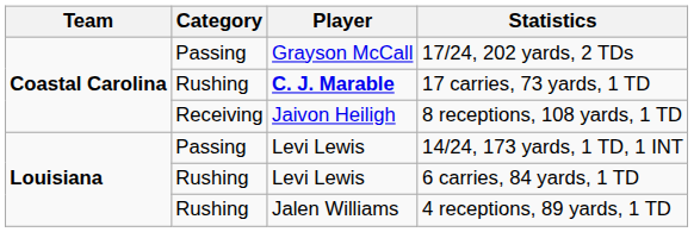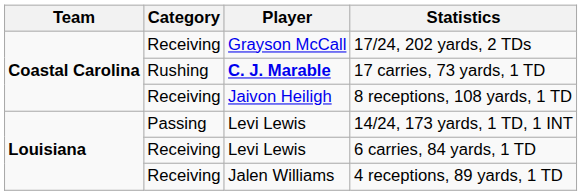 <table class="wikitable" style="float: left;">
 <tr>
 <th>Team</th>
 <th>Category</th>
 <th>Player</th>
 <th>Statistics</th>
 </tr>
 <tr>
 <td rowspan=3><strong>Coastal Carolina</strong></td>
-<td>Passing</td>
+<td>Receiving</td>
 <td><a href='#'>Grayson McCall</a></td>
 <td>17/24, 202 yards, 2 TDs</td>
 </tr>
 <tr>
 <td>Rushing</td>
 <td><strong><a href='#'>C. J. Marable</a></strong></td>
 <td>17 carries, 73 yards, 1 TD</td>
 </tr>
 <tr>
 <td>Receiving</td>
 <td><a href='#'>Jaivon Heiligh</a></td>
 <td>8 receptions, 108 yards, 1 TD</td>
 </tr>
 <tr>
 <td rowspan=3><strong>Louisiana</strong></td>
 <td>Passing</td>
 <td>Levi Lewis</td>
 <td>14/24, 173 yards, 1 TD, 1 INT</td>
 </tr>
 <tr>
-<td>Rushing</td>
+<td>Receiving</td>
 <td>Levi Lewis</td>
 <td>6 carries, 84 yards, 1 TD</td>
 </tr>
 <tr>
-<td>Rushing</td>
+<td>Receiving</td>
 <td>Jalen Williams</td>
 <td>4 receptions, 89 yards, 1 TD</td>
 </tr>
 </table>
